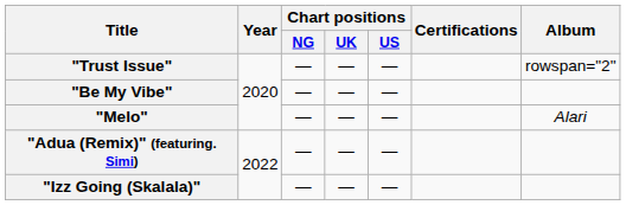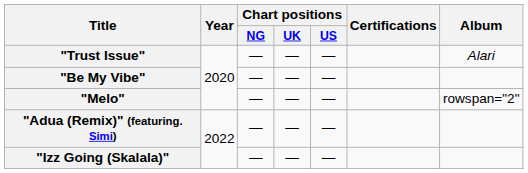 <table class="wikitable plainrowheaders" style="text-align:center">
 <tr>
 <th scope="col" rowspan="2" style="width:14em;">Title</th>
 <th scope="col" rowspan="2">Year</th>
 <th colspan="3">Chart positions</th>
 <th scope="col" rowspan="2">Certifications</th>
 <th scope="col" rowspan="2">Album</th>
 </tr>
 <tr>
 <th scope="col" style="width:2.5em;font-size:90%;"><a href='#'>NG</a><br></th>
 <th scope="col" style="width:2.5em;font-size:90%;"><a href='#'>UK</a><br></th>
 <th scope="col" style="width:2.5em;font-size:90%;"><a href='#'>US</a><br></th>
 </tr>
 <tr>
 <th scope="row">"Trust Issue"</th>
 <td rowspan="3">2020</td>
 <td>—</td>
 <td>—</td>
 <td>—</td>
 <td></td>
-<td>rowspan="2" </td>
+<td><em>Alari</em></td>
 </tr>
 <tr>
 <th scope="row">"Be My Vibe"</th>
 <td>—</td>
 <td>—</td>
 <td>—</td>
 <td></td>
 </tr>
 <tr>
 <th scope="row">"Melo"</th>
 <td>—</td>
 <td>—</td>
 <td>—</td>
 <td></td>
-<td><em>Alari</em></td>
+<td>rowspan="2" </td>
 </tr>
 <tr>
 <th scope="row">"Adua (Remix)" <small>(featuring. <a href='#'>Simi</a>)</small></th>
 <td rowspan="2">2022</td>
 <td>—</td>
 <td>—</td>
 <td>—</td>
 <td></td>
 <td></td>
 </tr>
 <tr>
 <th scope="row">"Izz Going (Skalala)"</th>
 <td>—</td>
 <td>—</td>
 <td>—</td>
 <td></td>
 <td></td>
 </tr>
 </table>
